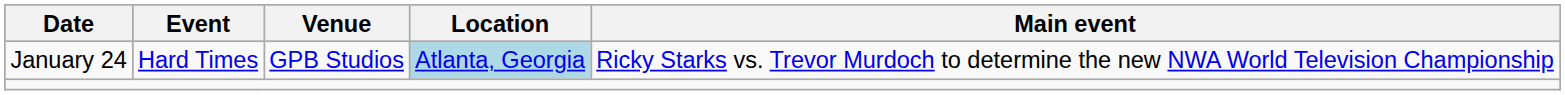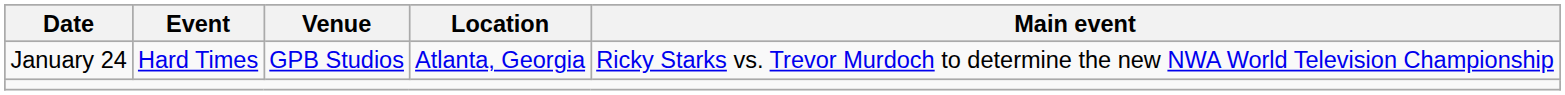 <table class="sortable wikitable succession-box" style="font-size:85%;">
 <tr>
 <th>Date</th>
 <th>Event</th>
 <th>Venue</th>
 <th>Location</th>
 <th>Main event</th>
 </tr>
 <tr>
 <td>January 24</td>
 <td><a href='#'>Hard Times</a></td>
 <td><a href='#'>GPB Studios</a></td>
-<td style="background: lightblue;"><a href='#'>Atlanta, Georgia</a></td>
+<td><a href='#'>Atlanta, Georgia</a></td>
 <td><a href='#'>Ricky Starks</a> vs. <a href='#'>Trevor Murdoch</a> to determine the new <a href='#'>NWA World Television Championship</a></td>
 </tr>
 <tr>
 <td colspan=5></td>
 </tr>
 </table>
